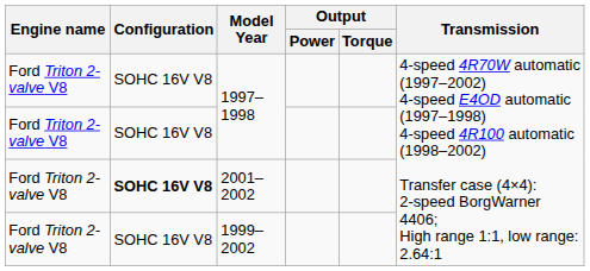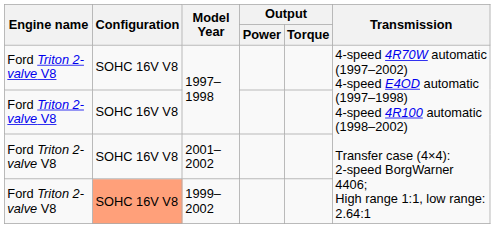 <table class="wikitable">
 <tr>
 <th rowspan="2">Engine name</th>
 <th rowspan="2">Configuration</th>
 <th rowspan="2">Model Year</th>
 <th colspan="2">Output</th>
 <th rowspan="2">Transmission</th>
 </tr>
 <tr>
 <th>Power</th>
 <th>Torque</th>
 </tr>
 <tr>
 <td>Ford <a href='#'><em>Triton 2-valve</em> V8</a></td>
 <td> SOHC 16V V8</td>
 <td rowspan="2">1997–1998</td>
 <td></td>
 <td></td>
 <td rowspan="4">4-speed <a href='#'><em>4R70W</em></a> automatic (1997–2002)<br>4-speed <em><a href='#'>E4OD</a></em> automatic (1997–1998)<br>4-speed <a href='#'><em>4R100</em></a> automatic (1998–2002)<br><br> Transfer case (4×4):<br>2-speed BorgWarner 4406;<br>High range 1:1, low range: 2.64:1</td>
 </tr>
 <tr>
 <td>Ford <a href='#'><em>Triton 2-valve</em> V8</a></td>
 <td> SOHC 16V V8</td>
 <td></td>
 <td></td>
 </tr>
 <tr>
 <td>Ford <em>Triton 2-valve</em> V8</td>
-<td><strong> SOHC 16V V8</strong></td>
+<td> SOHC 16V V8</td>
 <td>2001–2002</td>
 <td></td>
 <td></td>
 </tr>
 <tr>
 <td>Ford <em>Triton 2-valve</em> V8</td>
-<td> SOHC 16V V8</td>
+<td style="background: lightsalmon;"> SOHC 16V V8</td>
 <td>1999–2002</td>
 <td></td>
 <td></td>
 </tr>
 </table>
